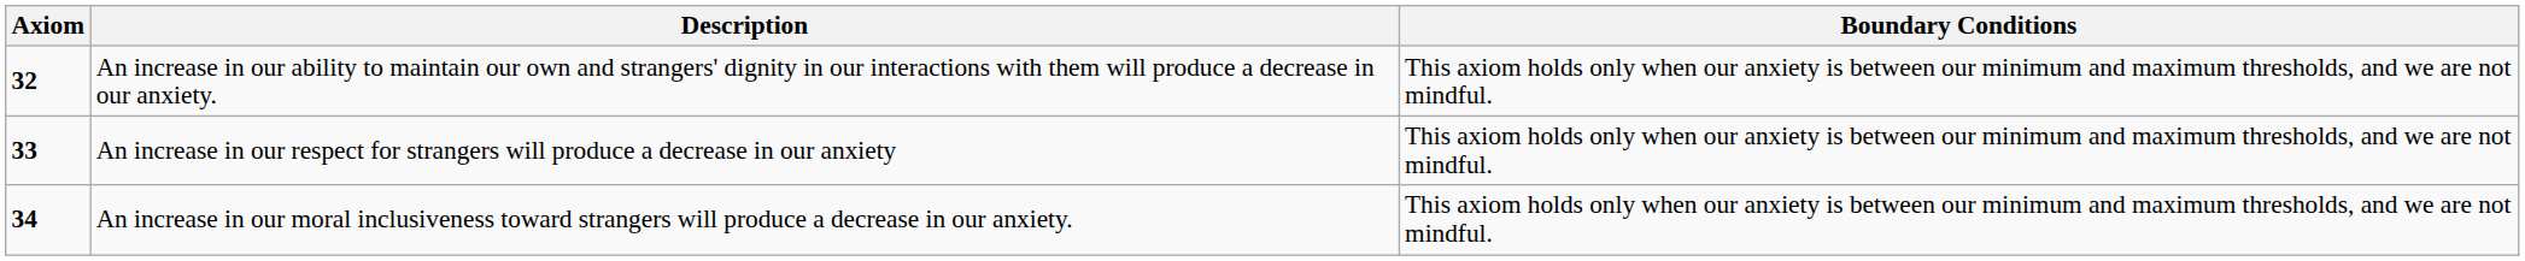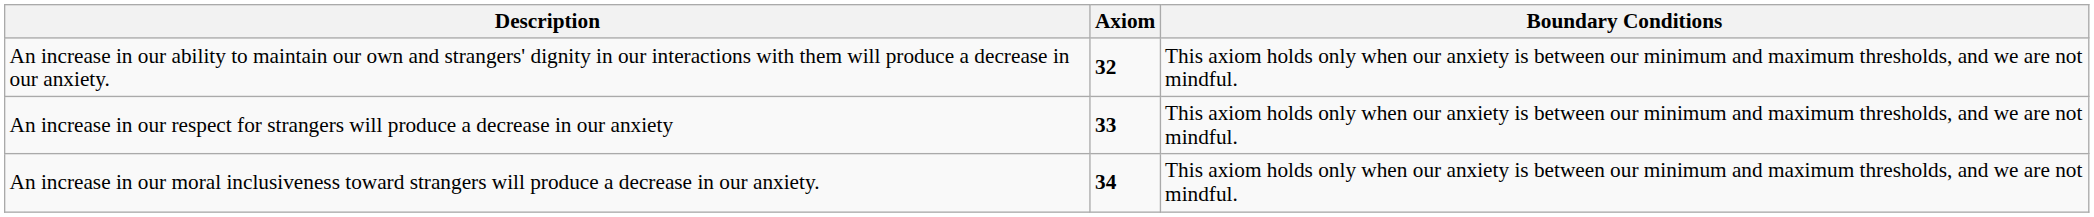 <table class="wikitable">
 <tr>
+<th>Description</th>
 <th>Axiom</th>
-<th>Description</th>
 <th>Boundary Conditions</th>
 </tr>
 <tr>
+<td>An increase in our ability to maintain our own and strangers' dignity in our interactions with them will produce a decrease in our anxiety.</td>
 <td><strong>32</strong></td>
-<td>An increase in our ability to maintain our own and strangers' dignity in our interactions with them will produce a decrease in our anxiety.</td>
 <td>This axiom holds only when our anxiety is between our minimum and maximum thresholds, and we are not mindful.</td>
 </tr>
 <tr>
+<td>An increase in our respect for strangers will produce a decrease in our anxiety</td>
 <td><strong>33</strong></td>
-<td>An increase in our respect for strangers will produce a decrease in our anxiety</td>
 <td>This axiom holds only when our anxiety is between our minimum and maximum thresholds, and we are not mindful.</td>
 </tr>
 <tr>
+<td>An increase in our moral inclusiveness toward strangers will produce a decrease in our anxiety.</td>
 <td><strong>34</strong></td>
-<td>An increase in our moral inclusiveness toward strangers will produce a decrease in our anxiety.</td>
 <td>This axiom holds only when our anxiety is between our minimum and maximum thresholds, and we are not mindful.</td>
 </tr>
 </table>
